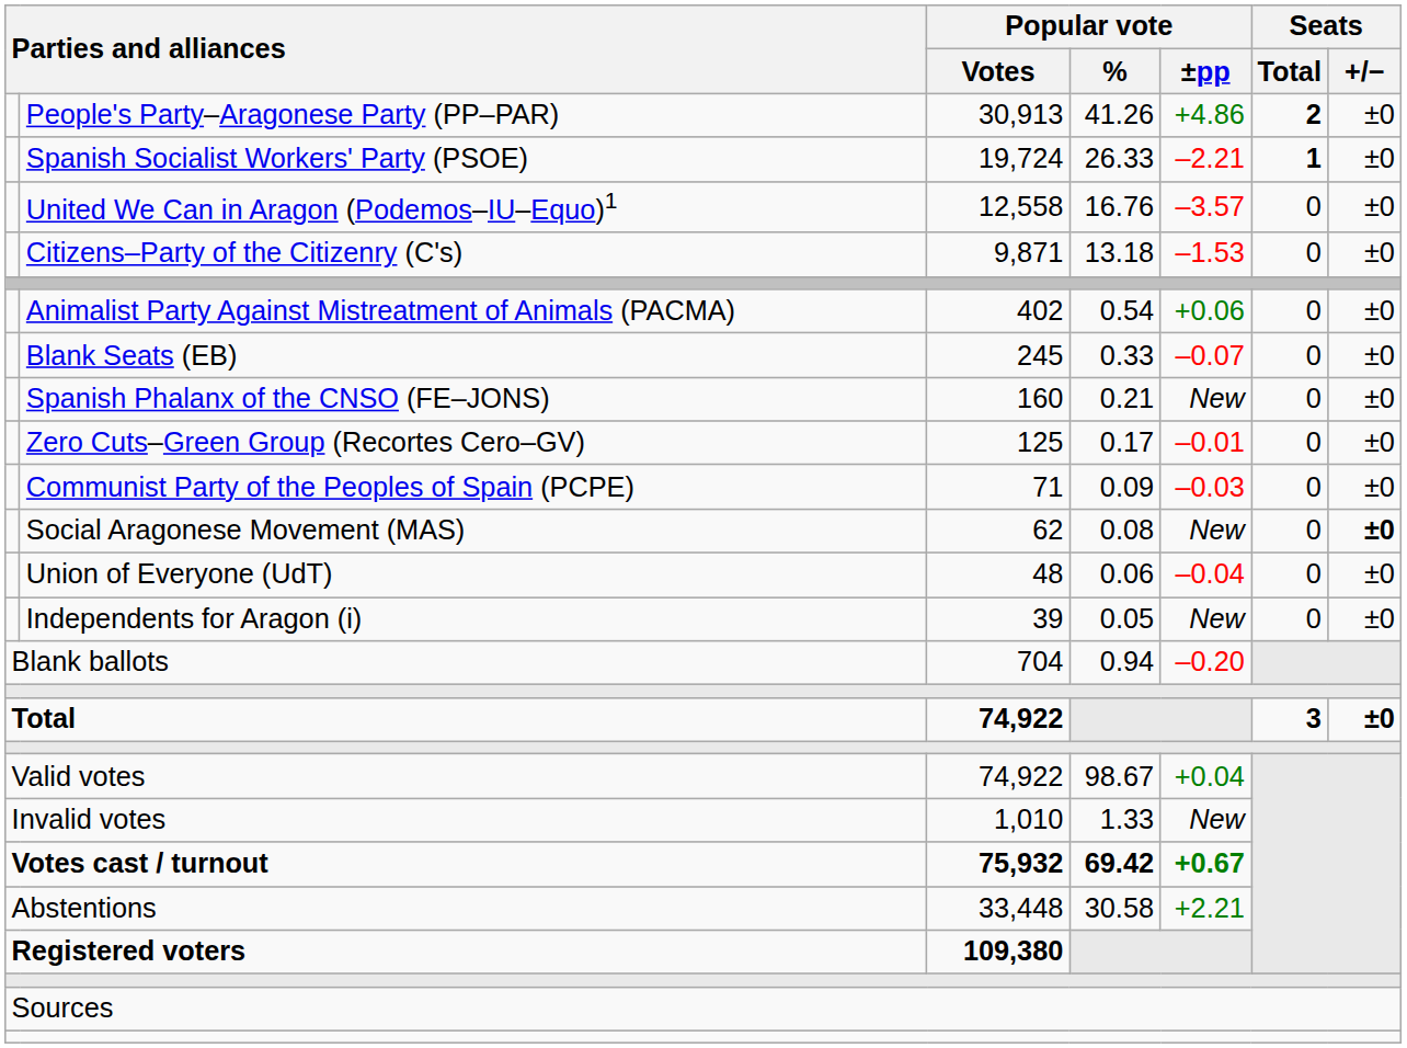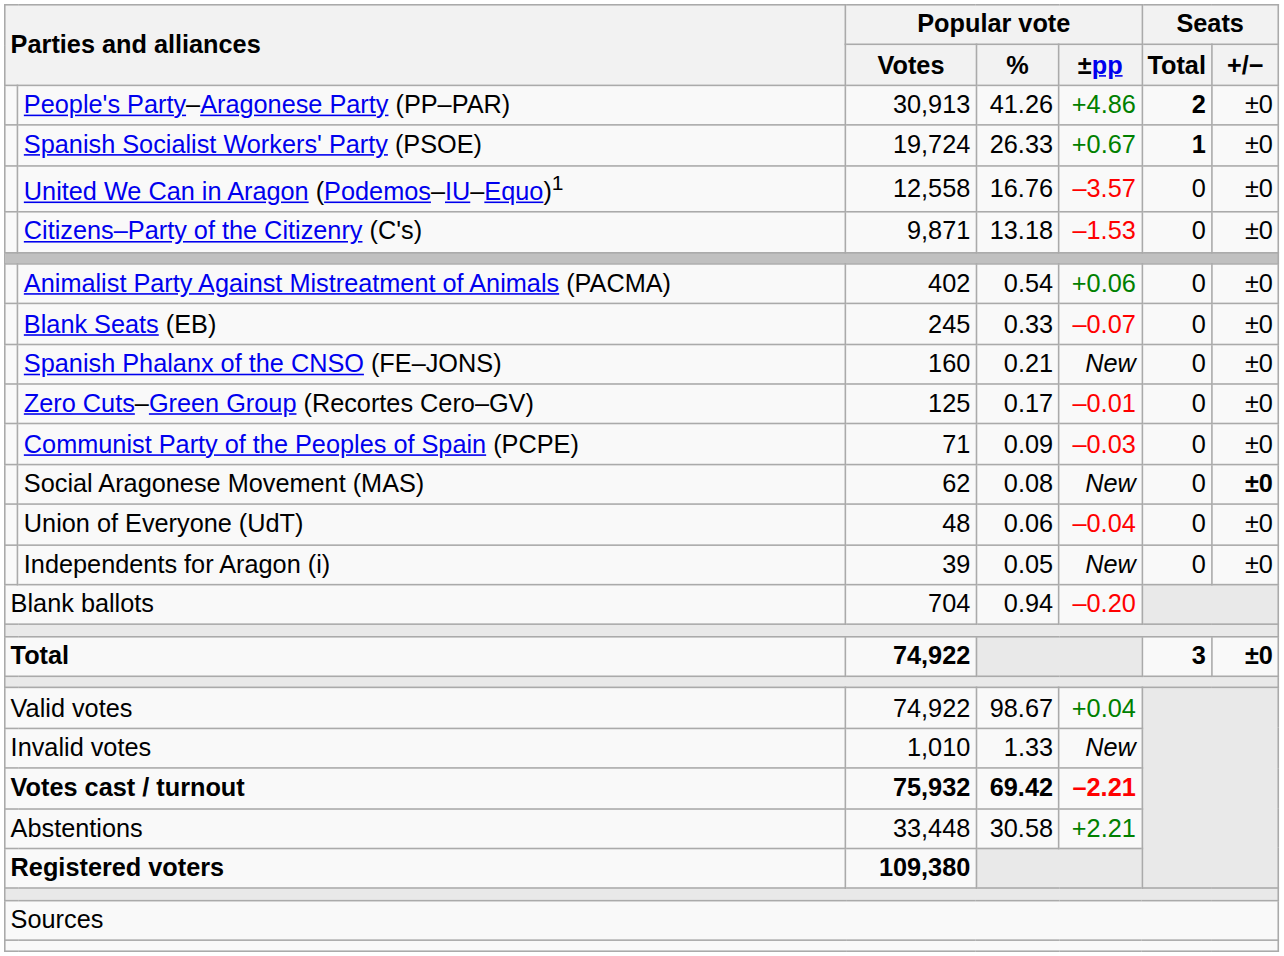 <table class="wikitable" style="text-align:right;">
 <tr>
 <th style="text-align:left;" rowspan="2" colspan="2" width="525">Parties and alliances</th>
 <th colspan="3">Popular vote</th>
 <th colspan="2">Seats</th>
 </tr>
 <tr>
 <th width="75">Votes</th>
 <th width="45">%</th>
 <th width="45">±<a href='#'>pp</a></th>
 <th width="35">Total</th>
 <th width="35">+/−</th>
 </tr>
 <tr>
 <td width="1" style="color:inherit;background:"></td>
 <td align="left"><a href='#'>People's Party</a>–<a href='#'>Aragonese Party</a> (PP–PAR)</td>
 <td>30,913</td>
 <td>41.26</td>
 <td style="color:green;">+4.86</td>
 <td><strong>2</strong></td>
 <td>±0</td>
 </tr>
 <tr>
 <td style="color:inherit;background:"></td>
 <td align="left"><a href='#'>Spanish Socialist Workers' Party</a> (PSOE)</td>
 <td>19,724</td>
 <td>26.33</td>
-<td style="color:red;">–2.21</td>
+<td style="color:green;">+0.67</td>
 <td><strong>1</strong></td>
 <td>±0</td>
 </tr>
 <tr>
 <td style="color:inherit;background:"></td>
 <td align="left"><a href='#'>United We Can in Aragon</a> (<a href='#'>Podemos</a>–<a href='#'>IU</a>–<a href='#'>Equo</a>)<sup>1</sup></td>
 <td>12,558</td>
 <td>16.76</td>
 <td style="color:red;">–3.57</td>
 <td>0</td>
 <td>±0</td>
 </tr>
 <tr>
 <td style="color:inherit;background:"></td>
 <td align="left"><a href='#'>Citizens–Party of the Citizenry</a> (C's)</td>
 <td>9,871</td>
 <td>13.18</td>
 <td style="color:red;">–1.53</td>
 <td>0</td>
 <td>±0</td>
 </tr>
 <tr>
 <td colspan="7" bgcolor="#C0C0C0"></td>
 </tr>
 <tr>
 <td style="color:inherit;background:"></td>
 <td align="left"><a href='#'>Animalist Party Against Mistreatment of Animals</a> (PACMA)</td>
 <td>402</td>
 <td>0.54</td>
 <td style="color:green;">+0.06</td>
 <td>0</td>
 <td>±0</td>
 </tr>
 <tr>
 <td style="color:inherit;background:"></td>
 <td align="left"><a href='#'>Blank Seats</a> (EB)</td>
 <td>245</td>
 <td>0.33</td>
 <td style="color:red;">–0.07</td>
 <td>0</td>
 <td>±0</td>
 </tr>
 <tr>
 <td style="color:inherit;background:"></td>
 <td align="left"><a href='#'>Spanish Phalanx of the CNSO</a> (FE–JONS)</td>
 <td>160</td>
 <td>0.21</td>
 <td><em>New</em></td>
 <td>0</td>
 <td>±0</td>
 </tr>
 <tr>
 <td style="color:inherit;background:"></td>
 <td align="left"><a href='#'>Zero Cuts</a>–<a href='#'>Green Group</a> (Recortes Cero–GV)</td>
 <td>125</td>
 <td>0.17</td>
 <td style="color:red;">–0.01</td>
 <td>0</td>
 <td>±0</td>
 </tr>
 <tr>
 <td style="color:inherit;background:"></td>
 <td align="left"><a href='#'>Communist Party of the Peoples of Spain</a> (PCPE)</td>
 <td>71</td>
 <td>0.09</td>
 <td style="color:red;">–0.03</td>
 <td>0</td>
 <td>±0</td>
 </tr>
 <tr>
 <td style="color:inherit;background:"></td>
 <td align="left">Social Aragonese Movement (MAS)</td>
 <td>62</td>
 <td>0.08</td>
 <td><em>New</em></td>
 <td>0</td>
 <td><strong>±0</strong></td>
 </tr>
 <tr>
 <td style="color:inherit;background:"></td>
 <td align="left">Union of Everyone (UdT)</td>
 <td>48</td>
 <td>0.06</td>
 <td style="color:red;">–0.04</td>
 <td>0</td>
 <td>±0</td>
 </tr>
 <tr>
 <td style="color:inherit;background:"></td>
 <td align="left">Independents for Aragon (i)</td>
 <td>39</td>
 <td>0.05</td>
 <td><em>New</em></td>
 <td>0</td>
 <td>±0</td>
 </tr>
 <tr>
 <td align="left" colspan="2">Blank ballots</td>
 <td>704</td>
 <td>0.94</td>
 <td style="color:red;">–0.20</td>
 <td bgcolor="#E9E9E9" colspan="2"></td>
 </tr>
 <tr>
 <td colspan="7" bgcolor="#E9E9E9"></td>
 </tr>
 <tr style="font-weight:bold;">
 <td align="left" colspan="2">Total</td>
 <td>74,922</td>
 <td bgcolor="#E9E9E9" colspan="2"></td>
 <td>3</td>
 <td>±0</td>
 </tr>
 <tr>
 <td colspan="7" bgcolor="#E9E9E9"></td>
 </tr>
 <tr>
 <td align="left" colspan="2">Valid votes</td>
 <td>74,922</td>
 <td>98.67</td>
 <td style="color:green;">+0.04</td>
 <td bgcolor="#E9E9E9" colspan="2" rowspan="5"></td>
 </tr>
 <tr>
 <td align="left" colspan="2">Invalid votes</td>
 <td>1,010</td>
 <td>1.33</td>
 <td><em>New</em></td>
 </tr>
 <tr style="font-weight:bold;">
 <td align="left" colspan="2">Votes cast / turnout</td>
 <td>75,932</td>
 <td>69.42</td>
-<td style="color:green;">+0.67</td>
+<td style="color:red;">–2.21</td>
 </tr>
 <tr>
 <td align="left" colspan="2">Abstentions</td>
 <td>33,448</td>
 <td>30.58</td>
 <td style="color:green;">+2.21</td>
 </tr>
 <tr style="font-weight:bold;">
 <td align="left" colspan="2">Registered voters</td>
 <td>109,380</td>
 <td bgcolor="#E9E9E9" colspan="2"></td>
 </tr>
 <tr>
 <td colspan="7" bgcolor="#E9E9E9"></td>
 </tr>
 <tr>
 <td align="left" colspan="7">Sources</td>
 </tr>
 <tr>
 <td colspan="7" style="text-align:left; max-width:790px;"></td>
 </tr>
 </table>
